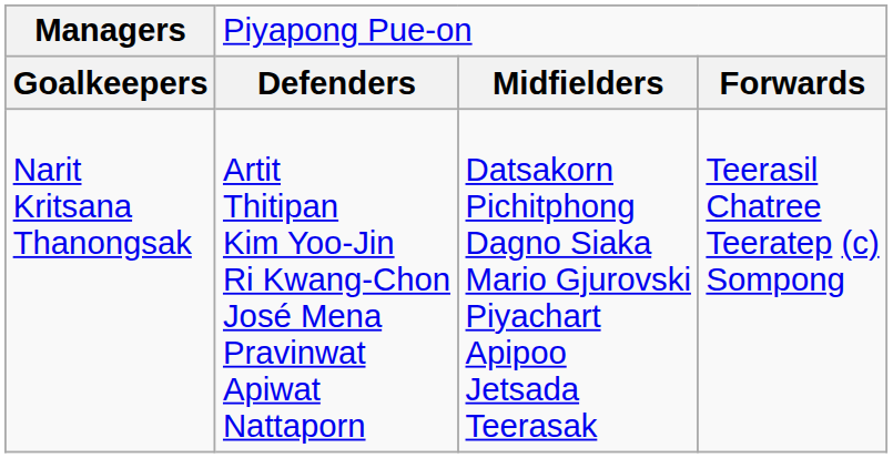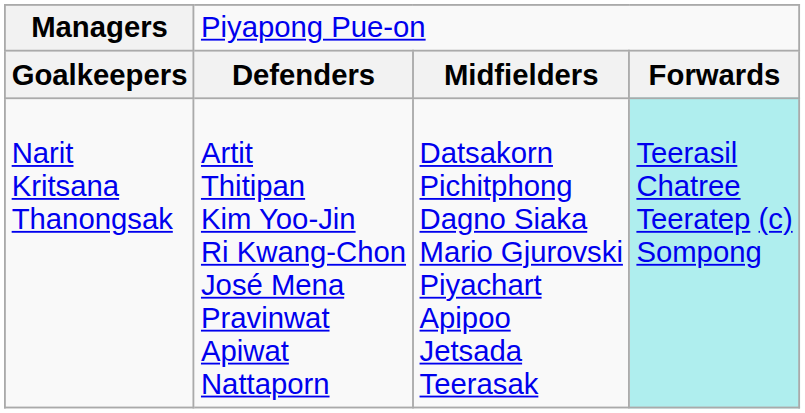 <table class="wikitable">
 <tr>
 <th>Managers</th>
 <td colspan=3> <a href='#'>Piyapong Pue-on</a></td>
 </tr>
 <tr>
 <th>Goalkeepers</th>
 <th>Defenders</th>
 <th>Midfielders</th>
 <th>Forwards</th>
 </tr>
 <tr>
 <td align=left valign=top><br> <a href='#'>Narit</a>  <br>  <a href='#'>Kritsana</a>  <br>  <a href='#'>Thanongsak</a>  <br></td>
 <td align=left valign=top><br> <a href='#'>Artit</a>  <br>  <a href='#'>Thitipan</a>  <br>  <a href='#'>Kim Yoo-Jin</a>  <br>  <a href='#'>Ri Kwang-Chon</a>  <br>  <a href='#'>José Mena</a>  <br>  <a href='#'>Pravinwat</a>  <br>  <a href='#'>Apiwat</a>  <br>  <a href='#'>Nattaporn</a>  <br></td>
 <td align=left valign=top><br> <a href='#'>Datsakorn</a>  <br>  <a href='#'>Pichitphong</a>  <br>  <a href='#'>Dagno Siaka</a>  <br>  <a href='#'>Mario Gjurovski</a>  <br>  <a href='#'>Piyachart</a>  <br>  <a href='#'>Apipoo</a>  <br>  <a href='#'>Jetsada</a>  <br>  <a href='#'>Teerasak</a> </td>
-<td align=left valign=top><br> <a href='#'>Teerasil</a>  <br>  <a href='#'>Chatree</a>  <br>  <a href='#'>Teeratep</a> <a href='#'>(c)</a>  <br>  <a href='#'>Sompong</a>  <br></td>
+<td align=left valign=top style="background: paleturquoise;"><br> <a href='#'>Teerasil</a>  <br>  <a href='#'>Chatree</a>  <br>  <a href='#'>Teeratep</a> <a href='#'>(c)</a>  <br>  <a href='#'>Sompong</a>  <br></td>
 </tr>
 </table>
